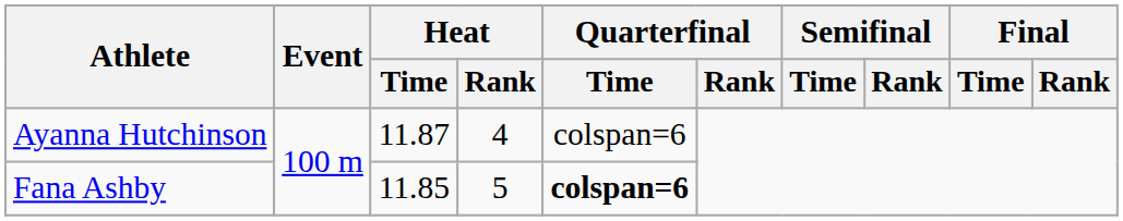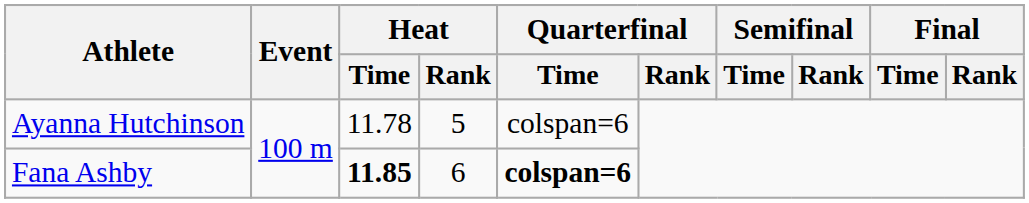 <table class=wikitable style=font-size:90%;text-align:center>
 <tr>
 <th rowspan=2>Athlete</th>
 <th rowspan=2>Event</th>
 <th colspan=2>Heat</th>
 <th colspan=2>Quarterfinal</th>
 <th colspan=2>Semifinal</th>
 <th colspan=2>Final</th>
 </tr>
 <tr style=font-size:95%>
 <th>Time</th>
 <th>Rank</th>
 <th>Time</th>
 <th>Rank</th>
 <th>Time</th>
 <th>Rank</th>
 <th>Time</th>
 <th>Rank</th>
 </tr>
 <tr>
 <td align=left><a href='#'>Ayanna Hutchinson</a></td>
 <td align=left rowspan=2><a href='#'>100 m</a></td>
-<td>11.87</td>
-<td>4</td>
+<td>11.78</td>
+<td>5</td>
 <td>colspan=6 </td>
 </tr>
 <tr>
 <td align=left><a href='#'>Fana Ashby</a></td>
-<td>11.85</td>
-<td>5</td>
+<td><strong>11.85</strong></td>
+<td>6</td>
 <td><strong>colspan=6 </strong></td>
 </tr>
 </table>
